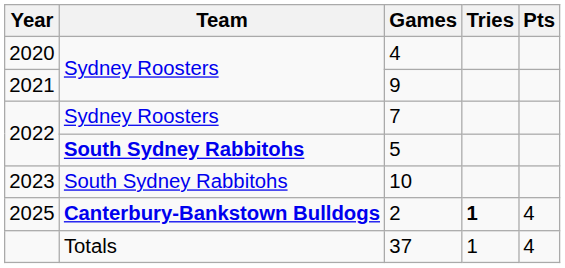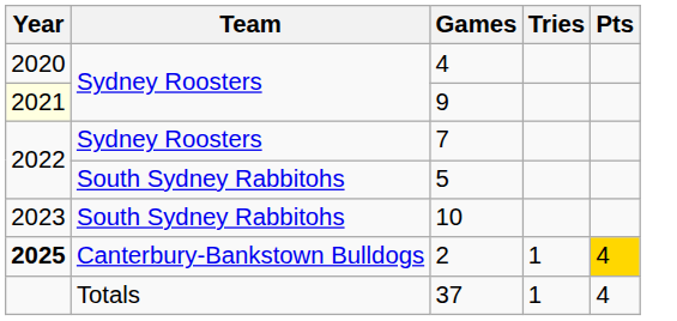 <table class="wikitable">
 <tr>
 <th>Year</th>
 <th>Team</th>
 <th>Games</th>
 <th>Tries</th>
 <th>Pts</th>
 </tr>
 <tr>
 <td>2020</td>
 <td rowspan="2"> <a href='#'>Sydney Roosters</a></td>
 <td>4</td>
 <td></td>
 <td></td>
 </tr>
 <tr>
-<td>2021</td>
+<td style="background: lightyellow;">2021</td>
 <td>9</td>
 <td></td>
 <td></td>
 </tr>
 <tr>
 <td rowspan="2">2022</td>
 <td> <a href='#'>Sydney Roosters</a></td>
 <td>7</td>
 <td></td>
 <td></td>
 </tr>
 <tr>
-<td><strong> <a href='#'>South Sydney Rabbitohs</a></strong></td>
+<td> <a href='#'>South Sydney Rabbitohs</a></td>
 <td>5</td>
 <td></td>
 <td></td>
 </tr>
 <tr>
 <td>2023</td>
 <td> <a href='#'>South Sydney Rabbitohs</a></td>
 <td>10</td>
 <td></td>
 <td></td>
 </tr>
 <tr>
-<td>2025</td>
-<td><strong> <a href='#'>Canterbury-Bankstown Bulldogs</a></strong></td>
+<td><strong>2025</strong></td>
+<td> <a href='#'>Canterbury-Bankstown Bulldogs</a></td>
 <td>2</td>
-<td><strong>1</strong></td>
-<td>4</td>
+<td>1</td>
+<td style="background: gold;">4</td>
 </tr>
 <tr>
 <td></td>
 <td>Totals</td>
 <td>37</td>
 <td>1</td>
 <td>4</td>
 </tr>
 </table>
